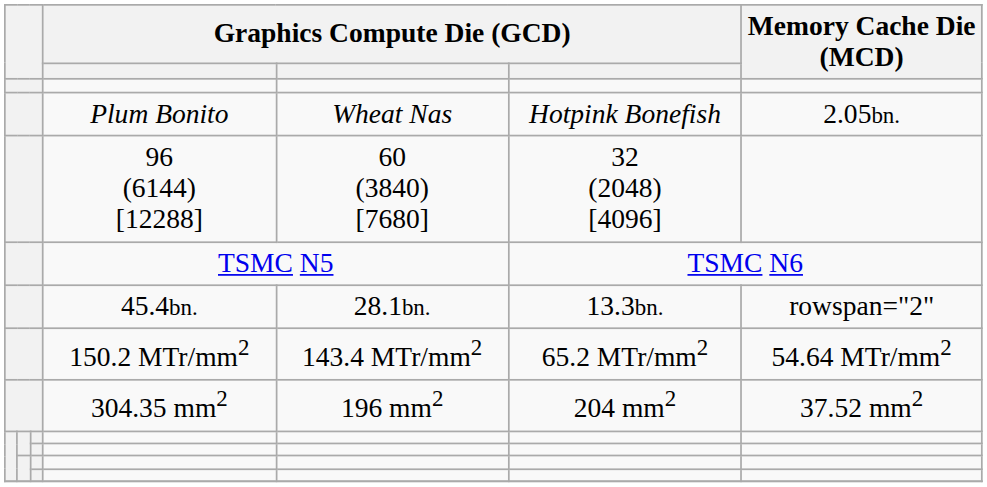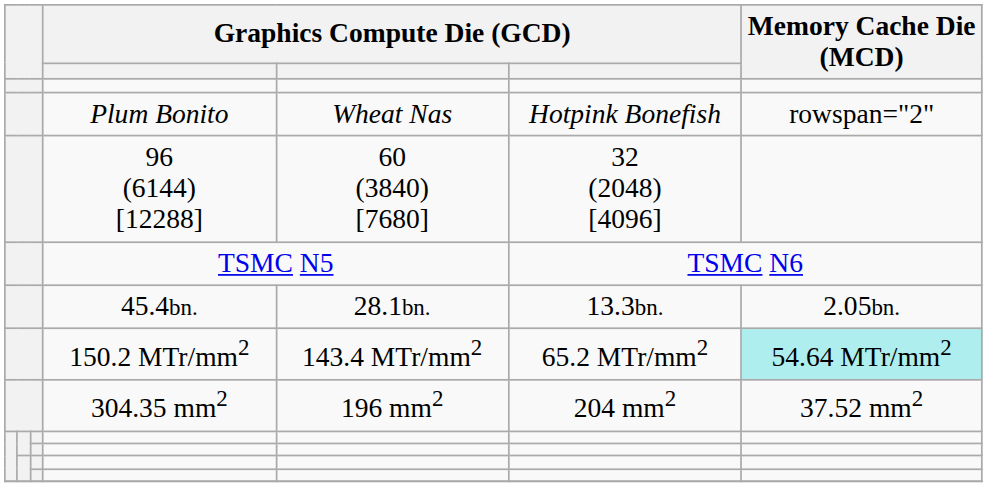 <table class="wikitable" style="text-align: center;">
 <tr>
 <th rowspan="2" colspan="3"></th>
 <th colspan="3">Graphics Compute Die (GCD)</th>
 <th rowspan="2">Memory Cache Die <br> (MCD)</th>
 </tr>
 <tr>
 <th style="width:8em"></th>
 <th style="width:8em"></th>
 <th style="width:8em"></th>
 </tr>
 <tr>
 <th style="text-align: left;" colspan="3"></th>
 <td></td>
 <td></td>
 <td></td>
 <td></td>
 </tr>
 <tr>
 <th style="text-align: left;" colspan="3"></th>
 <td><em>Plum Bonito</em></td>
 <td><em>Wheat Nas</em></td>
 <td><em>Hotpink Bonefish</em></td>
-<td>2.05<small>bn.</small></td>
+<td>rowspan="2" </td>
 </tr>
 <tr>
 <th style="text-align: left;" colspan="3"></th>
 <td>96 <br> (6144) <br> [12288]</td>
 <td>60 <br> (3840) <br> [7680]</td>
 <td>32 <br> (2048) <br> [4096]</td>
 </tr>
 <tr>
 <th style="text-align: left;" colspan="3"></th>
 <td colspan="2"><a href='#'>TSMC</a> <a href='#'>N5</a></td>
 <td colspan="2"><a href='#'>TSMC</a> <a href='#'>N6</a></td>
 </tr>
 <tr>
 <th style="text-align: left;" colspan="3"></th>
 <td>45.4<small>bn.</small></td>
 <td>28.1<small>bn.</small></td>
 <td>13.3<small>bn.</small></td>
-<td>rowspan="2" </td>
+<td>2.05<small>bn.</small></td>
 </tr>
 <tr>
 <th style="text-align: left;" colspan="3"></th>
 <td>150.2 MTr/mm<sup>2</sup></td>
 <td>143.4 MTr/mm<sup>2</sup></td>
 <td>65.2 MTr/mm<sup>2</sup></td>
-<td>54.64 MTr/mm<sup>2</sup></td>
+<td style="background: paleturquoise;">54.64 MTr/mm<sup>2</sup></td>
 </tr>
 <tr>
 <th style="text-align: left;" colspan="3"></th>
 <td>304.35 mm<sup>2</sup></td>
 <td>196 mm<sup>2</sup></td>
 <td>204 mm<sup>2</sup></td>
 <td>37.52 mm<sup>2</sup></td>
 </tr>
 <tr>
 <th style="text-align: left;" rowspan="4"></th>
 <th style="text-align: left;" rowspan="2"></th>
 <th style="text-align: left;"></th>
 <td></td>
 <td></td>
 <td></td>
 <td></td>
 </tr>
 <tr>
 <th style="text-align: left;"></th>
 <td></td>
 <td></td>
 <td></td>
 <td></td>
 </tr>
 <tr>
 <th style="text-align: left;" rowspan="2"></th>
 <th style="text-align: left;"></th>
 <td></td>
 <td></td>
 <td></td>
 <td></td>
 </tr>
 <tr>
 <th style="text-align: left;"></th>
 <td></td>
 <td></td>
 <td></td>
 <td></td>
 </tr>
 <tr>
 </tr>
 </table>
